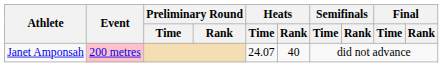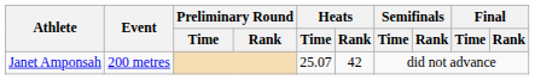 <table class=wikitable style="font-size:90%;">
 <tr>
 <th rowspan=2>Athlete</th>
 <th rowspan=2>Event</th>
 <th colspan=2>Preliminary Round</th>
 <th colspan=2>Heats</th>
 <th colspan=2>Semifinals</th>
 <th colspan=2>Final</th>
 </tr>
 <tr>
 <th>Time</th>
 <th>Rank</th>
 <th>Time</th>
 <th>Rank</th>
 <th>Time</th>
 <th>Rank</th>
 <th>Time</th>
 <th>Rank</th>
 </tr>
 <tr>
 <td><a href='#'>Janet Amponsah</a></td>
-<td style="background: pink;"><a href='#'>200 metres</a></td>
+<td><a href='#'>200 metres</a></td>
 <td align="center" bgcolor=wheat colspan=2></td>
-<td align="center">24.07</td>
-<td align="center">40</td>
+<td align="center">25.07</td>
+<td align="center">42</td>
 <td align="center" colspan=4>did not advance</td>
 </tr>
 </table>
